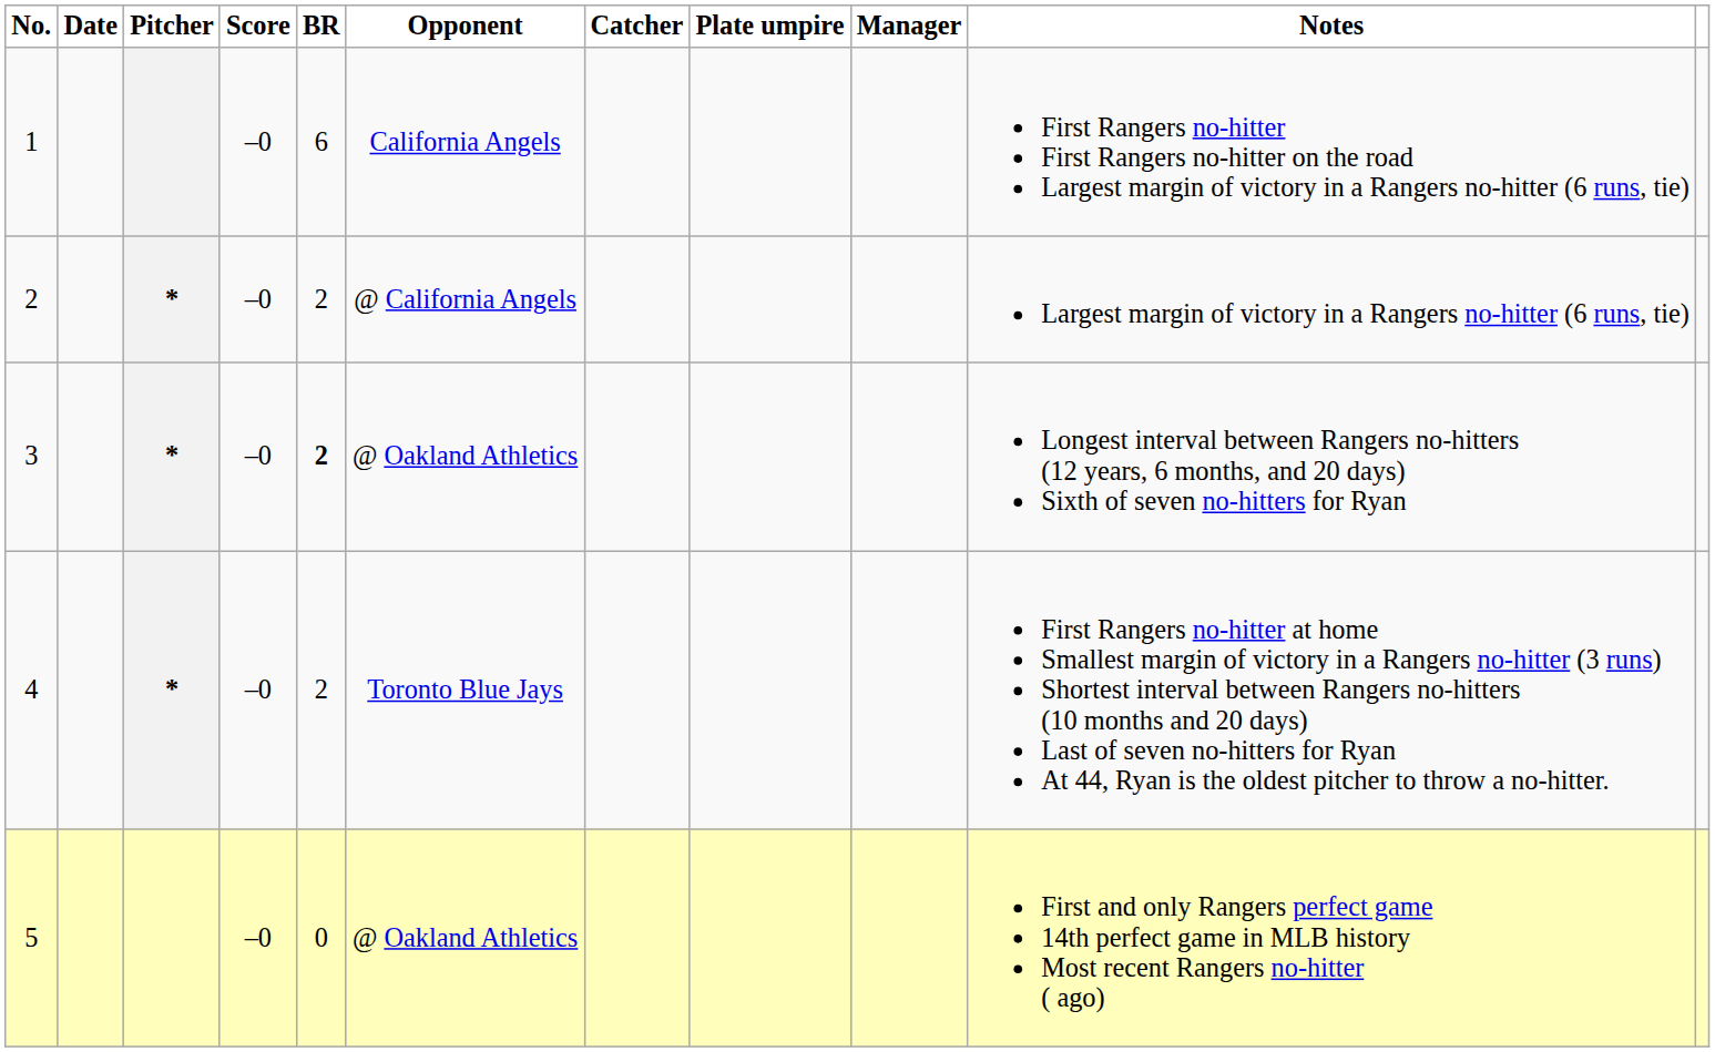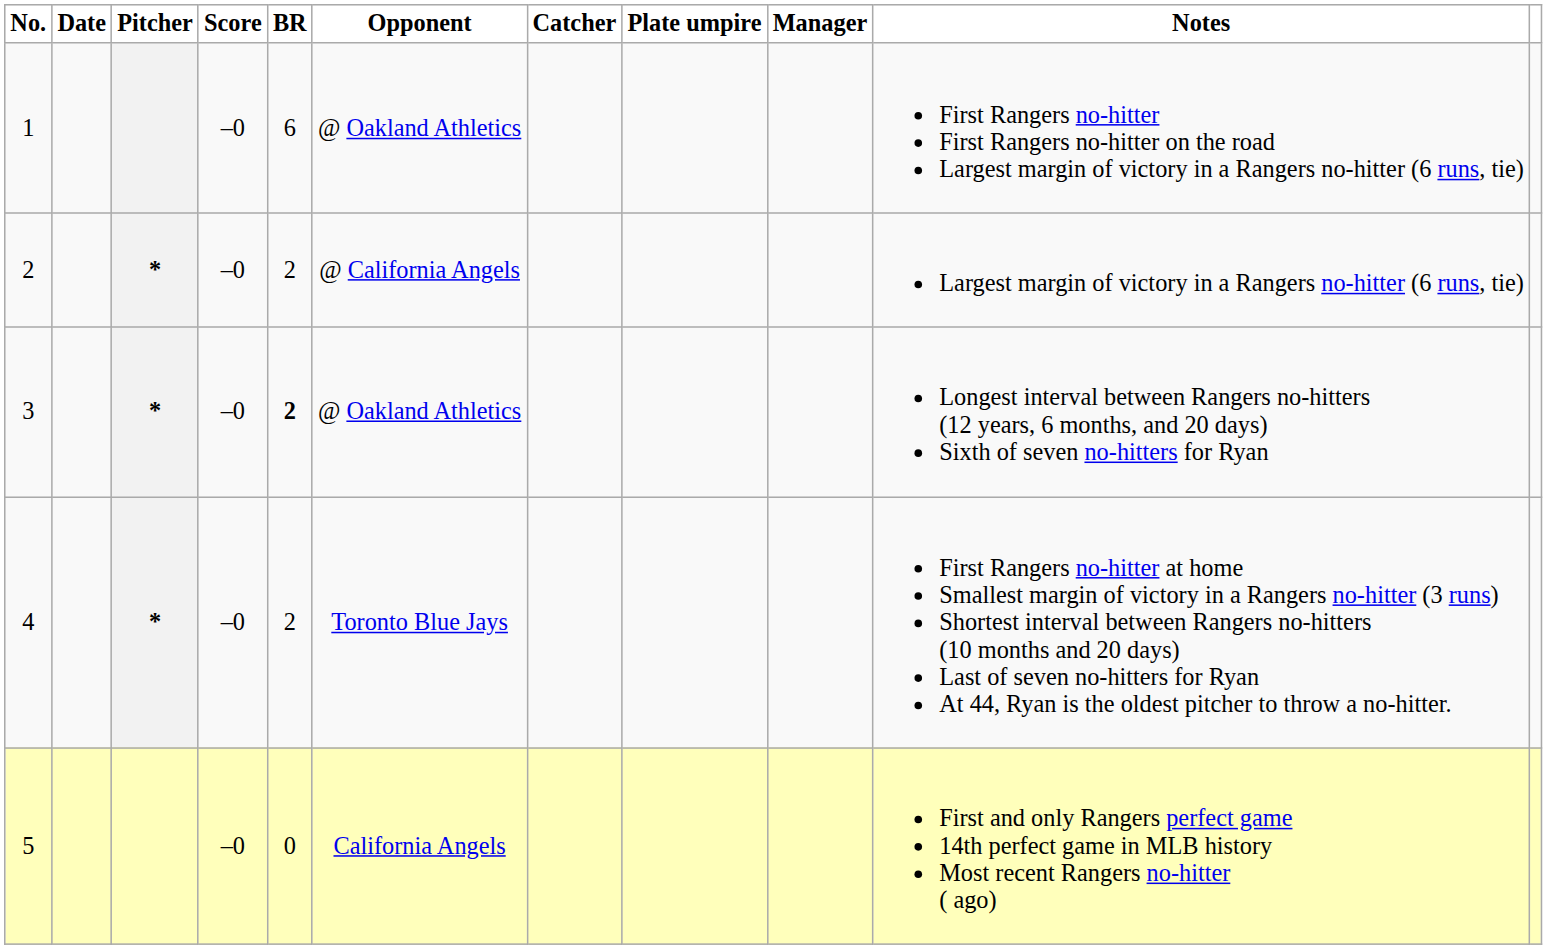 <table class="wikitable sortable plainrowheaders" style="text-align:center">
 <tr>
 <th scope="col" style="background-color:#ffffff; border-top:#">No.</th>
 <th scope="col" style="background-color:#ffffff; border-top:#">Date</th>
 <th scope="col" style="background-color:#ffffff; border-top:#">Pitcher</th>
 <th scope="col" style="background-color:#ffffff; border-top:#">Score</th>
 <th scope="col" style="background-color:#ffffff; border-top:#">BR</th>
 <th scope="col" style="background-color:#ffffff; border-top:#">Opponent</th>
 <th scope="col" style="background-color:#ffffff; border-top:#">Catcher</th>
 <th scope="col" style="background-color:#ffffff; border-top:#">Plate umpire</th>
 <th scope="col" style="background-color:#ffffff; border-top:#">Manager</th>
 <th scope="col" class="unsortable" style="background-color:#ffffff; border-top:#">Notes</th>
 <th scope="col" class="unsortable" style="background-color:#ffffff; border-top:#"></th>
 </tr>
 <tr>
 <td>1</td>
 <td></td>
 <th scope="row" style="text-align:center"></th>
 <td>–0</td>
 <td>6</td>
-<td><a href='#'>California Angels</a></td>
+<td>@ <a href='#'>Oakland Athletics</a></td>
 <td></td>
 <td></td>
 <td></td>
 <td align="left"><br><ul><li>First Rangers <a href='#'>no-hitter</a></li><li>First Rangers no-hitter on the road</li><li>Largest margin of victory in a Rangers no-hitter (6 <a href='#'>runs</a>, tie)</li></ul></td>
 <td></td>
 </tr>
 <tr>
 <td>2</td>
 <td></td>
 <th scope="row" style="text-align:center">*</th>
 <td>–0</td>
 <td>2</td>
 <td>@ <a href='#'>California Angels</a></td>
 <td></td>
 <td></td>
 <td></td>
 <td align="left"><br><ul><li>Largest margin of victory in a Rangers <a href='#'>no-hitter</a> (6 <a href='#'>runs</a>, tie)</li></ul></td>
 <td></td>
 </tr>
 <tr>
 <td>3</td>
 <td></td>
 <th scope="row" style="text-align:center">* </th>
 <td>–0</td>
 <td><strong>2</strong></td>
 <td>@ <a href='#'>Oakland Athletics</a></td>
 <td></td>
 <td></td>
 <td> </td>
 <td align="left"><br><ul><li>Longest interval between Rangers no-hitters<br>(12 years, 6 months, and 20 days)</li><li>Sixth of seven <a href='#'>no-hitters</a> for Ryan</li></ul></td>
 <td></td>
 </tr>
 <tr>
 <td>4</td>
 <td></td>
 <th scope="row" style="text-align:center">* </th>
 <td>–0</td>
 <td>2</td>
 <td><a href='#'>Toronto Blue Jays</a></td>
 <td></td>
 <td></td>
 <td> </td>
 <td align="left"><br><ul><li>First Rangers <a href='#'>no-hitter</a> at home</li><li>Smallest margin of victory in a Rangers <a href='#'>no-hitter</a> (3 <a href='#'>runs</a>)</li><li>Shortest interval between Rangers no-hitters<br>(10 months and 20 days)</li><li>Last of seven no-hitters for Ryan</li><li>At 44, Ryan is the oldest pitcher to throw a no-hitter.</li></ul></td>
 <td></td>
 </tr>
 <tr bgcolor="ffffbb">
 <td>5</td>
 <td></td>
 <th scope="row" style="text-align:center; background:#ffffbb"></th>
 <td>–0</td>
 <td>0</td>
-<td>@ <a href='#'>Oakland Athletics</a></td>
+<td><a href='#'>California Angels</a></td>
 <td></td>
 <td></td>
 <td></td>
 <td align="left"><br><ul><li>First and only Rangers <a href='#'>perfect game</a></li><li>14th perfect game in MLB history</li><li>Most recent Rangers <a href='#'>no-hitter</a><br>( ago)</li></ul></td>
 <td></td>
 </tr>
 </table>
